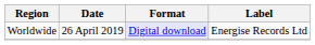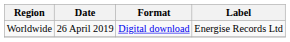 <table class=wikitable>
 <tr>
 <th>Region</th>
 <th>Date</th>
 <th>Format</th>
 <th>Label</th>
 </tr>
 <tr>
 <td>Worldwide</td>
 <td>26 April 2019</td>
-<td style="background: lavender;"><a href='#'>Digital download</a></td>
+<td><a href='#'>Digital download</a></td>
 <td>Energise Records Ltd</td>
 </tr>
 <tr>
 </tr>
 </table>
